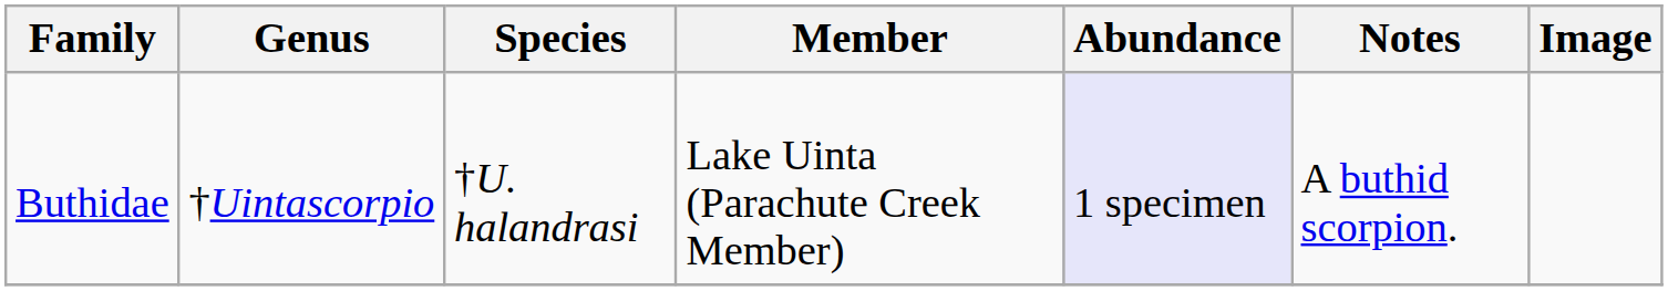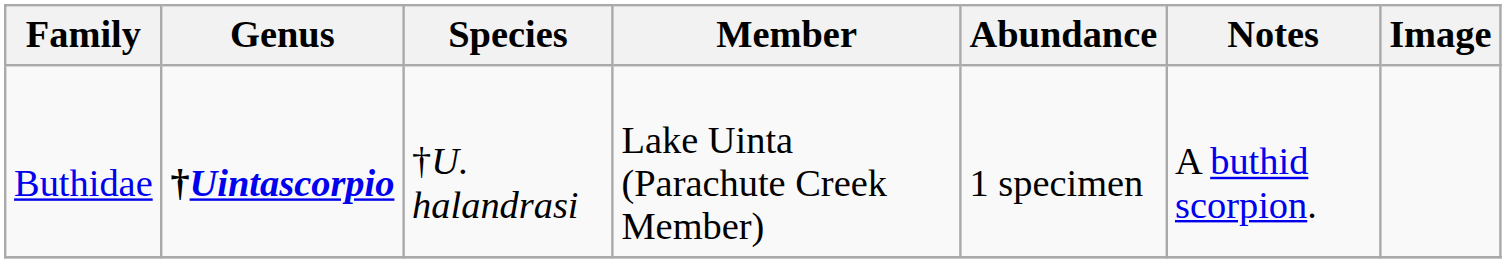 <table class="wikitable" style="margin:auto;width:100%;">
 <tr>
 <th>Family</th>
 <th>Genus</th>
 <th>Species</th>
 <th>Member</th>
 <th>Abundance</th>
 <th>Notes</th>
 <th>Image</th>
 </tr>
 <tr>
 <td><br><a href='#'>Buthidae</a></td>
-<td><br>†<em><a href='#'>Uintascorpio</a></em></td>
+<td><strong><br>†<em><a href='#'>Uintascorpio</a></em></strong></td>
 <td><br>†<em>U. halandrasi</em> </td>
 <td><br>Lake Uinta (Parachute Creek Member)</td>
-<td style="background: lavender;"><br>1 specimen</td>
+<td><br>1 specimen</td>
 <td><br>A <a href='#'>buthid</a> <a href='#'>scorpion</a>.</td>
 <td></td>
 </tr>
 <tr>
 </tr>
 </table>
